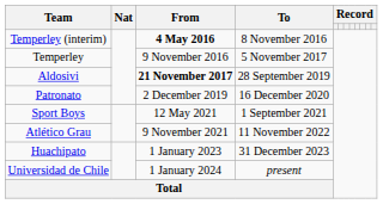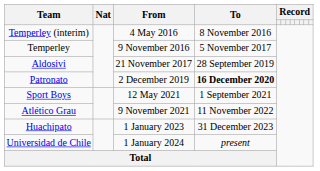 <table class=wikitable style=text-align:center>
 <tr>
 <th rowspan=2>Team</th>
 <th rowspan="2">Nat</th>
 <th rowspan="2">From</th>
 <th rowspan="2">To</th>
 <th colspan=8>Record</th>
 </tr>
 <tr>
 <th></th>
 <th></th>
 <th></th>
 <th></th>
 <th></th>
 <th></th>
 <th></th>
 <th></th>
 </tr>
 <tr>
 <td align=center><a href='#'>Temperley</a> (interim)</td>
 <td rowspan="4"></td>
-<td align=center><strong>4 May 2016</strong></td>
+<td align=center>4 May 2016</td>
 <td align=center>8 November 2016<br></td>
 </tr>
 <tr>
 <td align=center>Temperley</td>
 <td align=center>9 November 2016</td>
 <td align=center>5 November 2017<br></td>
 </tr>
 <tr>
 <td align=center><a href='#'>Aldosivi</a></td>
-<td align=center><strong>21 November 2017</strong></td>
+<td align=center>21 November 2017</td>
 <td align=center>28 September 2019<br></td>
 </tr>
 <tr>
 <td align=center><a href='#'>Patronato</a></td>
 <td align=center>2 December 2019</td>
-<td align=center>16 December 2020<br></td>
+<td align=center><strong>16 December 2020<br></strong></td>
 </tr>
 <tr>
 <td align=center><a href='#'>Sport Boys</a></td>
 <td rowspan="2"></td>
 <td align=center>12 May 2021</td>
 <td align=center>1 September 2021<br></td>
 </tr>
 <tr>
 <td align=center><a href='#'>Atlético Grau</a></td>
 <td align=center>9 November 2021</td>
 <td align=center>11 November 2022<br></td>
 </tr>
 <tr>
 <td align=center><a href='#'>Huachipato</a></td>
 <td rowspan="2"></td>
 <td align=center>1 January 2023</td>
 <td align=center>31 December 2023<br></td>
 </tr>
 <tr>
 <td align=center><a href='#'>Universidad de Chile</a></td>
 <td align=center>1 January 2024</td>
 <td align=center><em>present</em><br></td>
 </tr>
 <tr>
 <th colspan="4">Total<br></th>
 </tr>
 </table>
